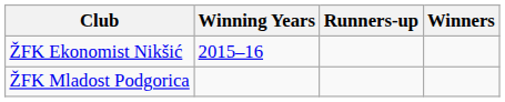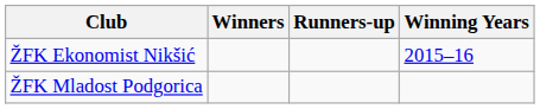 <table class="wikitable" style="font-size:90%">
 <tr>
 <th>Club</th>
+<th>Winners</th>
+<th>Runners-up</th>
 <th>Winning Years</th>
-<th>Runners-up</th>
-<th>Winners</th>
 </tr>
 <tr>
 <td><a href='#'>ŽFK Ekonomist Nikšić</a></td>
-<td><a href='#'>2015–16</a></td>
 <td></td>
 <td></td>
+<td><a href='#'>2015–16</a></td>
 </tr>
 <tr>
 <td><a href='#'>ŽFK Mladost Podgorica</a></td>
 <td></td>
 <td></td>
 <td></td>
 </tr>
 </table>
